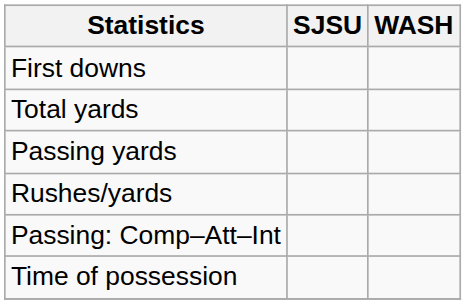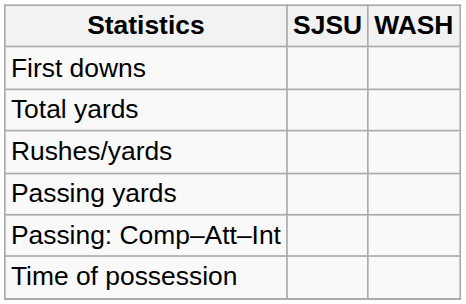 <table class="wikitable" style="float: left;">
 <tr>
 <th>Statistics</th>
 <th>SJSU</th>
 <th>WASH</th>
 </tr>
 <tr>
 <td>First downs</td>
 <td></td>
 <td></td>
 </tr>
 <tr>
 <td>Total yards</td>
 <td></td>
 <td></td>
 </tr>
 <tr>
-<td>Passing yards</td>
+<td>Rushes/yards</td>
 <td></td>
 <td></td>
 </tr>
 <tr>
-<td>Rushes/yards</td>
+<td>Passing yards</td>
 <td></td>
 <td></td>
 </tr>
 <tr>
 <td>Passing: Comp–Att–Int</td>
 <td></td>
 <td></td>
 </tr>
 <tr>
 <td>Time of possession</td>
 <td></td>
 <td></td>
 </tr>
 <tr>
 </tr>
 </table>
